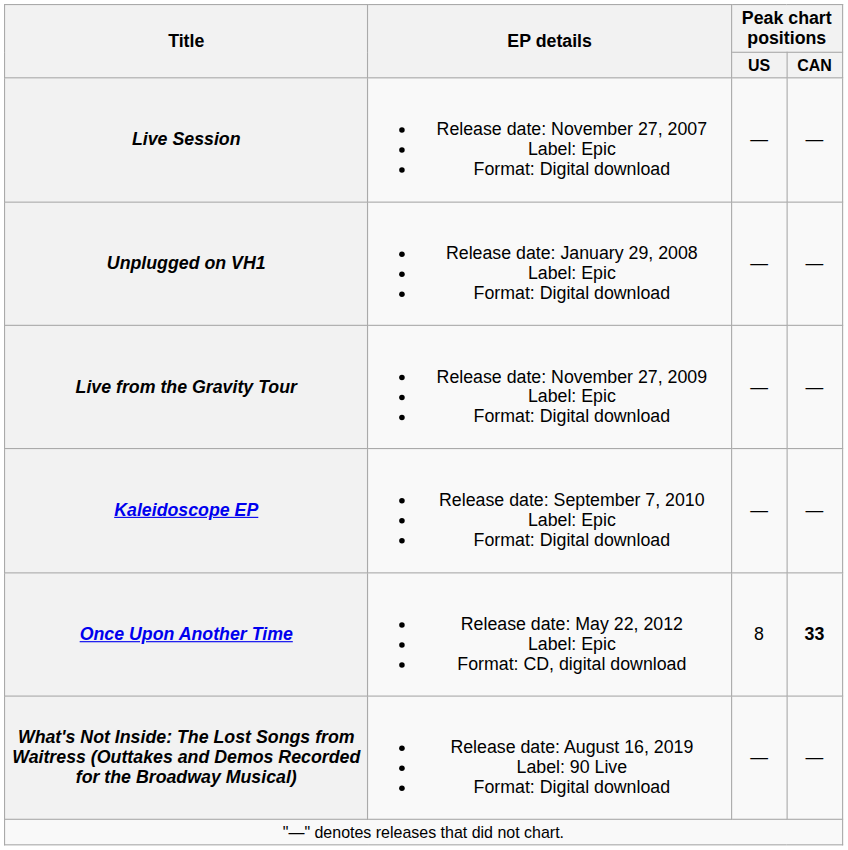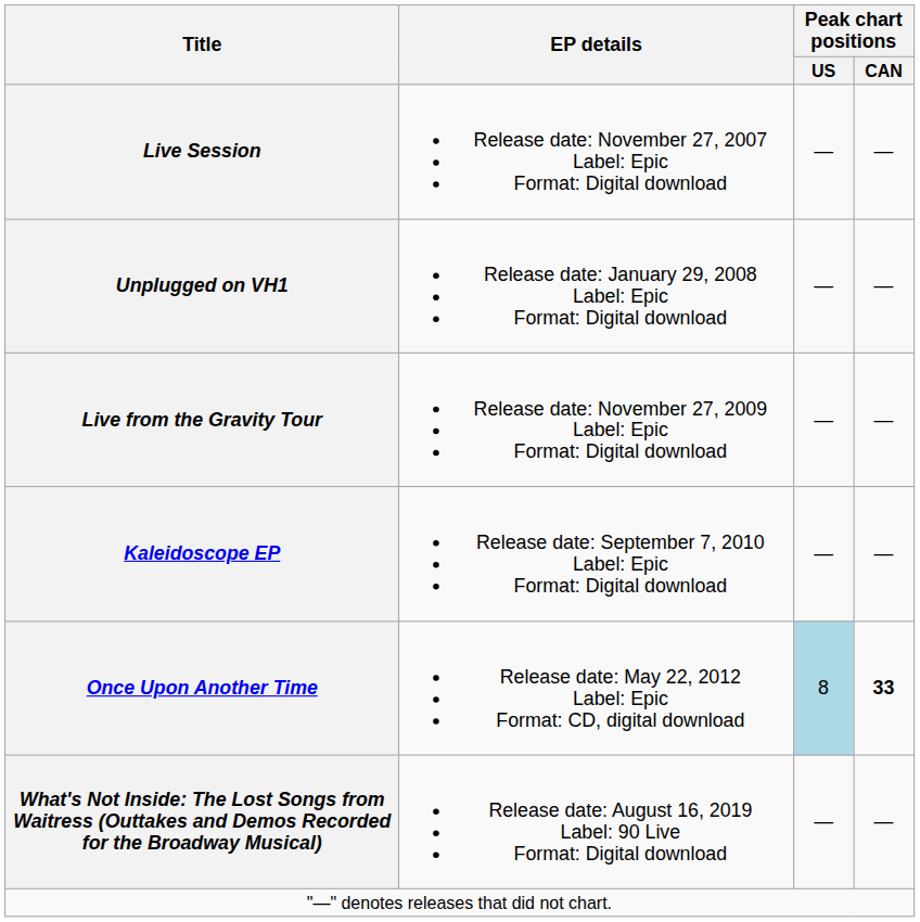 <table class="wikitable plainrowheaders" style="text-align:center;">
 <tr>
 <th scope="col" rowspan="2" style="width:20em;">Title</th>
 <th scope="col" rowspan="2" style="width:20em;">EP details</th>
 <th scope="col" colspan="2">Peak chart positions</th>
 </tr>
 <tr>
 <th scope="col" style="width:3em;font-size:90%;">US<br></th>
 <th scope="col" style="width:3em;font-size:90%;">CAN<br></th>
 </tr>
 <tr>
 <th scope="row"><em>Live Session</em></th>
 <td><br><ul><li>Release date: November 27, 2007</li><li>Label: Epic</li><li>Format: Digital download</li></ul></td>
 <td>—</td>
 <td>—</td>
 </tr>
 <tr>
 <th scope="row"><em>Unplugged on VH1</em></th>
 <td><br><ul><li>Release date: January 29, 2008</li><li>Label: Epic</li><li>Format: Digital download</li></ul></td>
 <td>—</td>
 <td>—</td>
 </tr>
 <tr>
 <th scope="row"><em>Live from the Gravity Tour</em></th>
 <td><br><ul><li>Release date: November 27, 2009</li><li>Label: Epic</li><li>Format: Digital download</li></ul></td>
 <td>—</td>
 <td>—</td>
 </tr>
 <tr>
 <th scope="row"><em><a href='#'>Kaleidoscope EP</a></em></th>
 <td><br><ul><li>Release date: September 7, 2010</li><li>Label: Epic</li><li>Format: Digital download</li></ul></td>
 <td>—</td>
 <td>—</td>
 </tr>
 <tr>
 <th scope="row"><em><a href='#'>Once Upon Another Time</a></em></th>
 <td><br><ul><li>Release date: May 22, 2012</li><li>Label: Epic</li><li>Format: CD, digital download</li></ul></td>
-<td>8</td>
+<td style="background: lightblue;">8</td>
 <td><strong>33</strong></td>
 </tr>
 <tr>
 <th scope="row"><em>What's Not Inside: The Lost Songs from Waitress (Outtakes and Demos Recorded for the Broadway Musical)</em></th>
 <td><br><ul><li>Release date: August 16, 2019</li><li>Label: 90 Live</li><li>Format: Digital download</li></ul></td>
 <td>—</td>
 <td>—</td>
 </tr>
 <tr>
 <td colspan="14" style="font-size:90%">"—" denotes releases that did not chart.</td>
 </tr>
 </table>
